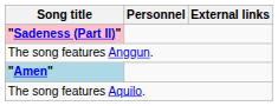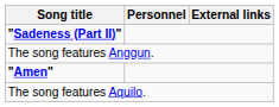 <table class="wikitable">
 <tr>
 <th>Song title</th>
 <th>Personnel</th>
 <th>External links</th>
 </tr>
 <tr>
-<td style="background: pink;"><strong>"<a href='#'>Sadeness (Part II)</a>"</strong></td>
+<td><strong>"<a href='#'>Sadeness (Part II)</a>"</strong></td>
 </tr>
 <tr>
 <td colspan="6">The song features <a href='#'>Anggun</a>.</td>
 </tr>
 <tr>
-<td style="background: lightblue;"><strong>"<a href='#'>Amen</a>"</strong></td>
+<td><strong>"<a href='#'>Amen</a>"</strong></td>
 </tr>
 <tr>
 <td colspan="6">The song features <a href='#'>Aquilo</a>.</td>
 </tr>
 </table>
